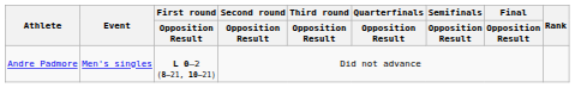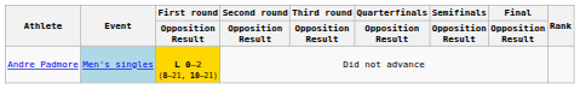 <table class="wikitable" style="font-size:90%">
 <tr>
 <th rowspan="2">Athlete</th>
 <th rowspan="2">Event</th>
 <th>First round</th>
 <th>Second round</th>
 <th>Third round</th>
 <th>Quarterfinals</th>
 <th>Semifinals</th>
 <th>Final</th>
 <th rowspan="2">Rank</th>
 </tr>
 <tr>
 <th>Opposition<br>Result</th>
 <th>Opposition<br>Result</th>
 <th>Opposition<br>Result</th>
 <th>Opposition<br>Result</th>
 <th>Opposition<br>Result</th>
 <th>Opposition<br>Result</th>
 </tr>
 <tr>
 <td><a href='#'>Andre Padmore</a></td>
-<td><a href='#'>Men's singles</a></td>
-<td align=center><br> <strong>L</strong> <strong>0</strong>–2<br><small>(<strong>8</strong>–21, <strong>10</strong>–21)</small></td>
+<td style="background: lightblue;"><a href='#'>Men's singles</a></td>
+<td align=center style="background: gold;"><br> <strong>L</strong> <strong>0</strong>–2<br><small>(<strong>8</strong>–21, <strong>10</strong>–21)</small></td>
 <td align=center colspan=5>Did not advance</td>
 <td align=center></td>
 </tr>
 </table>
